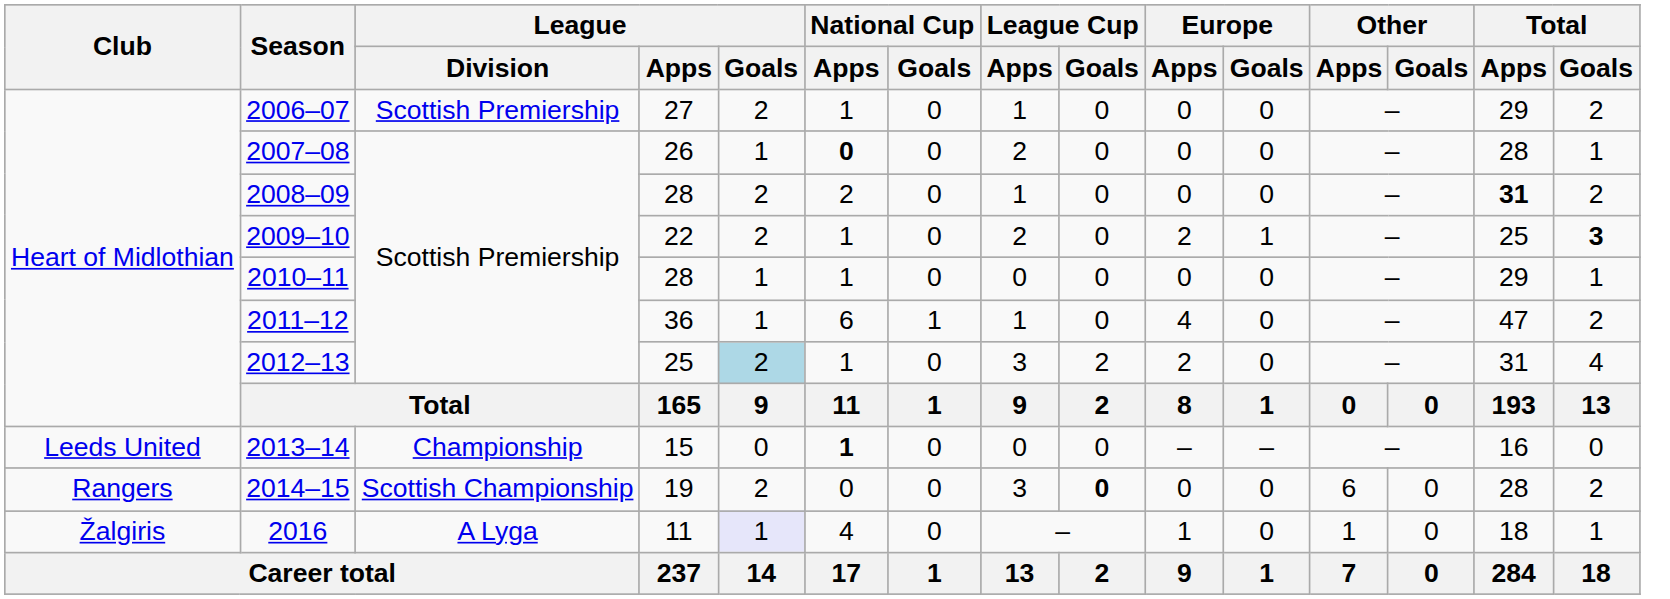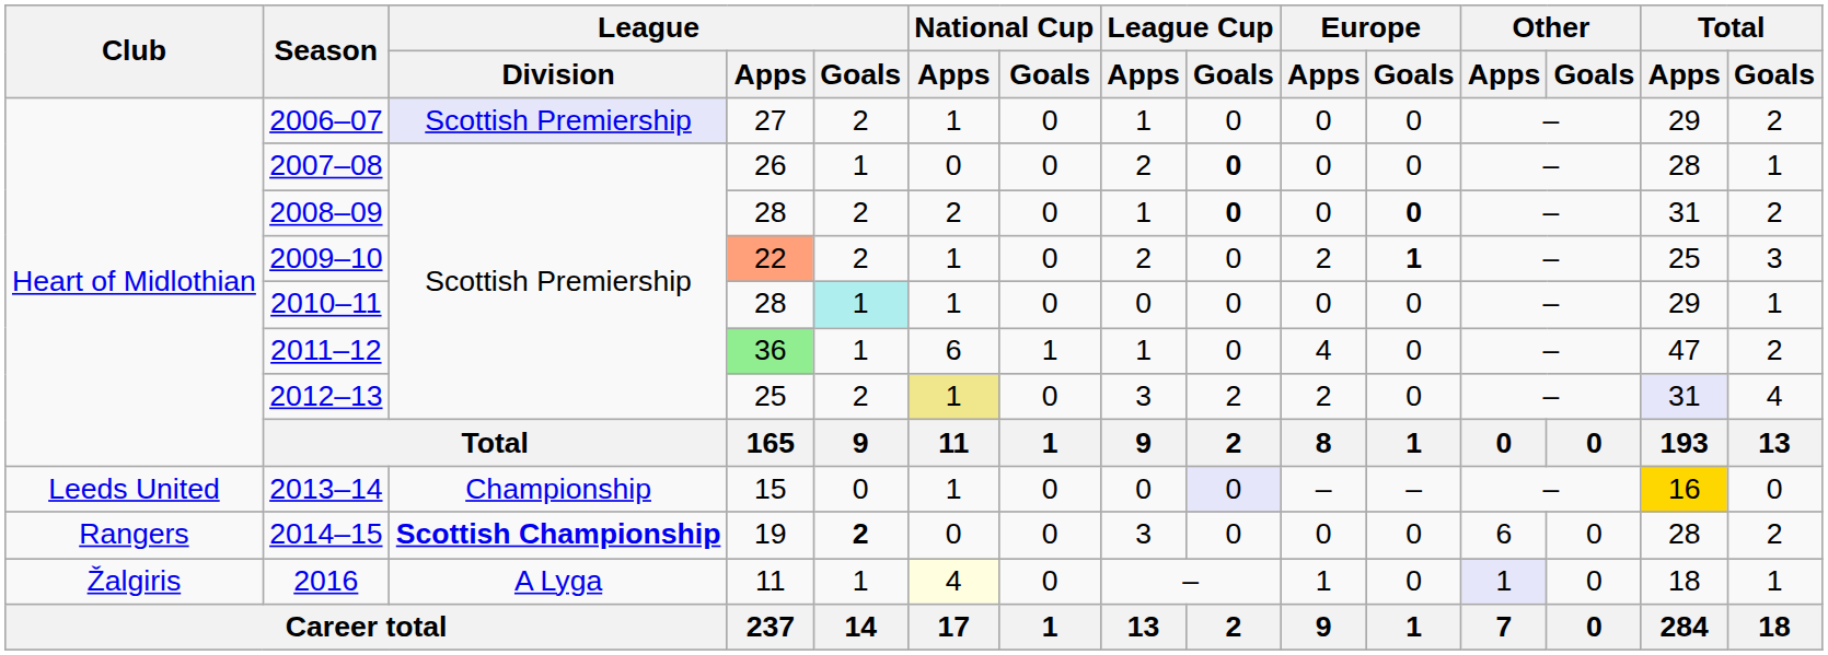 <table class="wikitable" style="text-align:center">
 <tr>
 <th rowspan="2">Club</th>
 <th rowspan="2">Season</th>
 <th colspan="3">League</th>
 <th colspan="2">National Cup</th>
 <th colspan="2">League Cup</th>
 <th colspan="2">Europe</th>
 <th colspan="2">Other</th>
 <th colspan="2">Total</th>
 </tr>
 <tr>
 <th>Division</th>
 <th>Apps</th>
 <th>Goals</th>
 <th>Apps</th>
 <th>Goals</th>
 <th>Apps</th>
 <th>Goals</th>
 <th>Apps</th>
 <th>Goals</th>
 <th>Apps</th>
 <th>Goals</th>
 <th>Apps</th>
 <th>Goals</th>
 </tr>
 <tr>
 <td rowspan="8"><a href='#'>Heart of Midlothian</a></td>
 <td><a href='#'>2006–07</a></td>
-<td><a href='#'>Scottish Premiership</a></td>
+<td style="background: lavender;"><a href='#'>Scottish Premiership</a></td>
 <td>27</td>
 <td>2</td>
 <td>1</td>
 <td>0</td>
 <td>1</td>
 <td>0</td>
 <td>0</td>
 <td>0</td>
 <td colspan="2">–</td>
 <td>29</td>
 <td>2</td>
 </tr>
 <tr>
 <td><a href='#'>2007–08</a></td>
 <td rowspan="6">Scottish Premiership</td>
 <td>26</td>
 <td>1</td>
-<td><strong>0</strong></td>
+<td>0</td>
 <td>0</td>
 <td>2</td>
-<td>0</td>
+<td><strong>0</strong></td>
 <td>0</td>
 <td>0</td>
 <td colspan="2">–</td>
 <td>28</td>
 <td>1</td>
 </tr>
 <tr>
 <td><a href='#'>2008–09</a></td>
 <td>28</td>
 <td>2</td>
 <td>2</td>
 <td>0</td>
 <td>1</td>
+<td><strong>0</strong></td>
 <td>0</td>
-<td>0</td>
-<td>0</td>
+<td><strong>0</strong></td>
 <td colspan="2">–</td>
-<td><strong>31</strong></td>
+<td>31</td>
 <td>2</td>
 </tr>
 <tr>
 <td><a href='#'>2009–10</a></td>
-<td>22</td>
+<td style="background: lightsalmon;">22</td>
 <td>2</td>
 <td>1</td>
 <td>0</td>
 <td>2</td>
 <td>0</td>
 <td>2</td>
-<td>1</td>
+<td><strong>1</strong></td>
 <td colspan="2">–</td>
 <td>25</td>
-<td><strong>3</strong></td>
+<td>3</td>
 </tr>
 <tr>
 <td><a href='#'>2010–11</a></td>
 <td>28</td>
-<td>1</td>
+<td style="background: paleturquoise;">1</td>
 <td>1</td>
 <td>0</td>
 <td>0</td>
 <td>0</td>
 <td>0</td>
 <td>0</td>
 <td colspan="2">–</td>
 <td>29</td>
 <td>1</td>
 </tr>
 <tr>
 <td><a href='#'>2011–12</a></td>
-<td>36</td>
+<td style="background: lightgreen;">36</td>
 <td>1</td>
 <td>6</td>
 <td>1</td>
 <td>1</td>
 <td>0</td>
 <td>4</td>
 <td>0</td>
 <td colspan="2">–</td>
 <td>47</td>
 <td>2</td>
 </tr>
 <tr>
 <td><a href='#'>2012–13</a></td>
 <td>25</td>
-<td style="background: lightblue;">2</td>
-<td>1</td>
+<td>2</td>
+<td style="background: khaki;">1</td>
 <td>0</td>
 <td>3</td>
 <td>2</td>
 <td>2</td>
 <td>0</td>
 <td colspan="2">–</td>
-<td>31</td>
+<td style="background: lavender;">31</td>
 <td>4</td>
 </tr>
 <tr>
 <th colspan="2">Total</th>
 <th>165</th>
 <th>9</th>
 <th>11</th>
 <th>1</th>
 <th>9</th>
 <th>2</th>
 <th>8</th>
 <th>1</th>
 <th>0</th>
 <th>0</th>
 <th>193</th>
 <th>13</th>
 </tr>
 <tr>
 <td><a href='#'>Leeds United</a></td>
 <td><a href='#'>2013–14</a></td>
 <td><a href='#'>Championship</a></td>
 <td>15</td>
 <td>0</td>
-<td><strong>1</strong></td>
+<td>1</td>
 <td>0</td>
 <td>0</td>
-<td>0</td>
+<td style="background: lavender;">0</td>
 <td>–</td>
 <td>–</td>
 <td colspan="2">–</td>
-<td>16</td>
+<td style="background: gold;">16</td>
 <td>0</td>
 </tr>
 <tr>
 <td><a href='#'>Rangers</a></td>
 <td><a href='#'>2014–15</a></td>
-<td><a href='#'>Scottish Championship</a></td>
+<td><strong><a href='#'>Scottish Championship</a></strong></td>
 <td>19</td>
-<td>2</td>
+<td><strong>2</strong></td>
 <td>0</td>
 <td>0</td>
 <td>3</td>
-<td><strong>0</strong></td>
+<td>0</td>
 <td>0</td>
 <td>0</td>
 <td>6</td>
 <td>0</td>
 <td>28</td>
 <td>2</td>
 </tr>
 <tr>
 <td><a href='#'>Žalgiris</a></td>
 <td><a href='#'>2016</a></td>
 <td><a href='#'>A Lyga</a></td>
 <td>11</td>
-<td style="background: lavender;">1</td>
-<td>4</td>
+<td>1</td>
+<td style="background: lightyellow;">4</td>
 <td>0</td>
 <td colspan="2">–</td>
 <td>1</td>
 <td>0</td>
-<td>1</td>
+<td style="background: lavender;">1</td>
 <td>0</td>
 <td>18</td>
 <td>1</td>
 </tr>
 <tr>
 <th colspan="3">Career total</th>
 <th>237</th>
 <th>14</th>
 <th>17</th>
 <th>1</th>
 <th>13</th>
 <th>2</th>
 <th>9</th>
 <th>1</th>
 <th>7</th>
 <th>0</th>
 <th>284</th>
 <th>18</th>
 </tr>
 </table>
